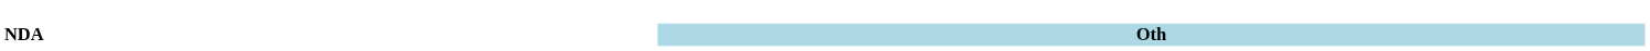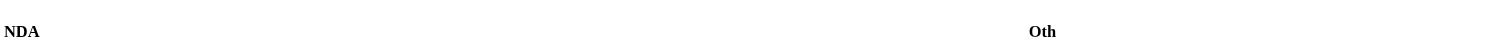 <table style="width:100%; text-align:center;">
 <tr style="color:white;">
 <td style="background:"><strong>21</strong></td>
 <td style="background:"><span><strong>4</strong></span></td>
 </tr>
 <tr>
 <td><span><strong>NDA</strong></span></td>
-<td style="background: lightblue;"><span><strong>Oth</strong></span></td>
+<td><span><strong>Oth</strong></span></td>
 </tr>
 </table>
